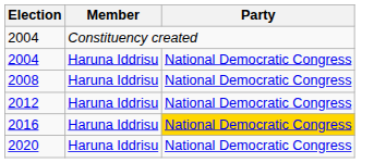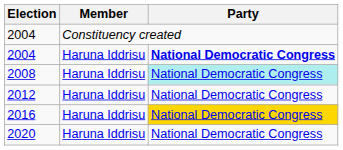 <table class="wikitable">
 <tr>
 <th>Election</th>
 <th>Member</th>
 <th>Party</th>
 </tr>
 <tr>
 <td>2004</td>
 <td colspan=2><em>Constituency created</em></td>
 </tr>
 <tr>
 <td><a href='#'>2004</a></td>
 <td><a href='#'>Haruna Iddrisu</a></td>
-<td><a href='#'>National Democratic Congress</a></td>
+<td><strong><a href='#'>National Democratic Congress</a></strong></td>
 </tr>
 <tr>
 <td><a href='#'>2008</a></td>
 <td><a href='#'>Haruna Iddrisu</a></td>
-<td><a href='#'>National Democratic Congress</a></td>
+<td style="background: paleturquoise;"><a href='#'>National Democratic Congress</a></td>
 </tr>
 <tr>
 <td><a href='#'>2012</a></td>
 <td><a href='#'>Haruna Iddrisu</a></td>
 <td><a href='#'>National Democratic Congress</a></td>
 </tr>
 <tr>
 <td><a href='#'>2016</a></td>
 <td><a href='#'>Haruna Iddrisu</a></td>
 <td style="background: gold;"><a href='#'>National Democratic Congress</a></td>
 </tr>
 <tr>
 <td><a href='#'>2020</a></td>
 <td><a href='#'>Haruna Iddrisu</a></td>
 <td><a href='#'>National Democratic Congress</a></td>
 </tr>
 </table>
